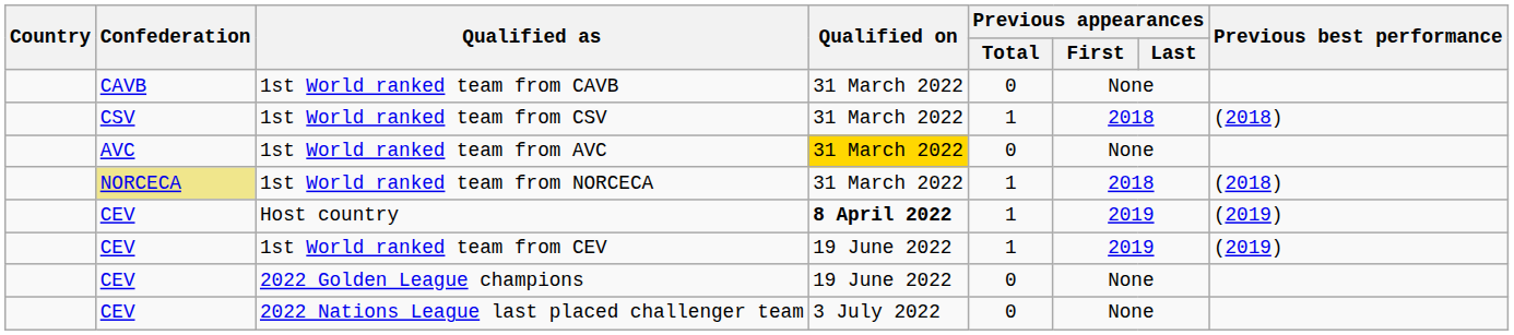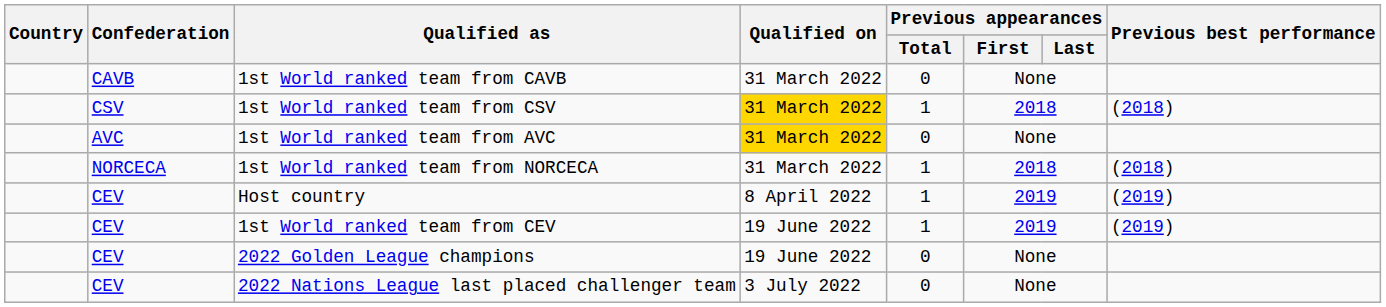 <table class="wikitable sortable" style="font-size:90%">
 <tr>
 <th rowspan=2>Country</th>
 <th rowspan=2>Confederation</th>
 <th rowspan=2>Qualified as</th>
 <th rowspan=2>Qualified on</th>
 <th colspan=3>Previous appearances</th>
 <th rowspan=2>Previous best performance</th>
 </tr>
 <tr>
 <th>Total</th>
 <th>First</th>
 <th>Last</th>
 </tr>
 <tr>
 <td></td>
 <td><a href='#'>CAVB</a></td>
 <td>1st <a href='#'>World ranked</a> team from CAVB</td>
 <td>31 March 2022</td>
 <td style="text-align:center">0</td>
 <td colspan=2 style="text-align:center">None</td>
 <td></td>
 </tr>
 <tr>
 <td></td>
 <td><a href='#'>CSV</a></td>
 <td>1st <a href='#'>World ranked</a> team from CSV</td>
-<td>31 March 2022</td>
+<td style="background: gold;">31 March 2022</td>
 <td style="text-align:center">1</td>
 <td colspan=2 style="text-align:center"><a href='#'>2018</a></td>
 <td> (<a href='#'>2018</a>)</td>
 </tr>
 <tr>
 <td></td>
 <td><a href='#'>AVC</a></td>
 <td>1st <a href='#'>World ranked</a> team from AVC</td>
 <td style="background: gold;">31 March 2022</td>
 <td style="text-align:center">0</td>
 <td colspan=2 style="text-align:center">None</td>
 <td></td>
 </tr>
 <tr>
 <td></td>
-<td style="background: khaki;"><a href='#'>NORCECA</a></td>
+<td><a href='#'>NORCECA</a></td>
 <td>1st <a href='#'>World ranked</a> team from NORCECA</td>
 <td>31 March 2022</td>
 <td style="text-align:center">1</td>
 <td colspan=2 style="text-align:center"><a href='#'>2018</a></td>
 <td> (<a href='#'>2018</a>)</td>
 </tr>
 <tr>
 <td></td>
 <td><a href='#'>CEV</a></td>
 <td>Host country</td>
-<td><strong>8 April 2022</strong></td>
+<td>8 April 2022</td>
 <td style="text-align:center">1</td>
 <td colspan=2 style="text-align:center"><a href='#'>2019</a></td>
 <td> (<a href='#'>2019</a>)</td>
 </tr>
 <tr>
 <td></td>
 <td><a href='#'>CEV</a></td>
 <td>1st <a href='#'>World ranked</a> team from CEV</td>
 <td>19 June 2022</td>
 <td style="text-align:center">1</td>
 <td colspan=2 style="text-align:center"><a href='#'>2019</a></td>
 <td> (<a href='#'>2019</a>)</td>
 </tr>
 <tr>
 <td></td>
 <td><a href='#'>CEV</a></td>
 <td><a href='#'>2022 Golden League</a> champions</td>
 <td>19 June 2022</td>
 <td style="text-align:center">0</td>
 <td colspan=2 style="text-align:center">None</td>
 <td></td>
 </tr>
 <tr>
 <td></td>
 <td><a href='#'>CEV</a></td>
 <td><a href='#'>2022 Nations League</a> last placed challenger team</td>
 <td>3 July 2022</td>
 <td style="text-align:center">0</td>
 <td colspan=2 style="text-align:center">None</td>
 <td></td>
 </tr>
 </table>
